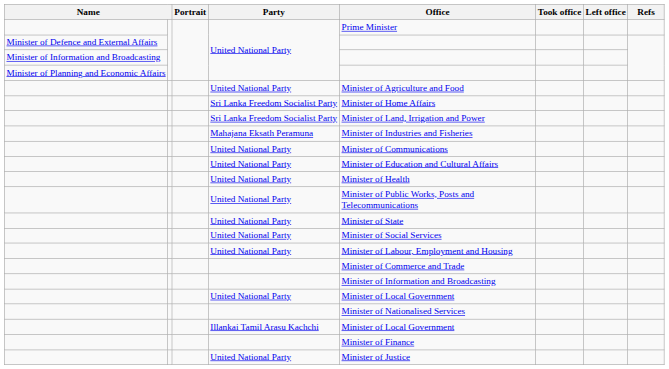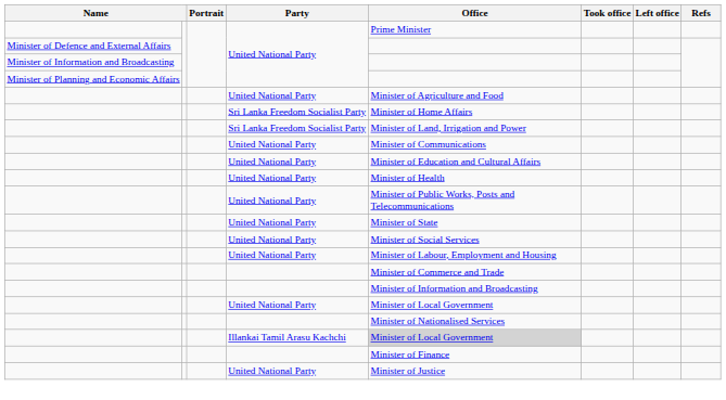 <table class="wikitable plainrowheaders sortable" style="font-size:90%; text-align:left;">
 <tr>
 <th scope=col colspan="2">Name</th>
 <th scope=col class=unsortable>Portrait</th>
 <th scope=col>Party</th>
 <th scope=col width=300px>Office</th>
 <th scope=col>Took office</th>
 <th scope=col>Left office</th>
 <th scope=col width=50px class=unsortable>Refs</th>
 </tr>
 <tr>
 <td !align="center" style="background:"></td>
 <td rowspan=4></td>
 <td align=center rowspan=4></td>
 <td rowspan=4><a href='#'>United National Party</a></td>
 <td><a href='#'>Prime Minister</a></td>
 <td align=center></td>
 <td align=center></td>
 <td align=center></td>
 </tr>
 <tr>
 <td><a href='#'>Minister of Defence and External Affairs</a></td>
 <td></td>
 <td></td>
 <td align=center></td>
 </tr>
 <tr>
 <td><a href='#'>Minister of Information and Broadcasting</a></td>
 <td></td>
 <td></td>
 <td align=center></td>
 </tr>
 <tr>
 <td><a href='#'>Minister of Planning and Economic Affairs</a></td>
 <td></td>
 <td></td>
 <td align=center></td>
 </tr>
 <tr>
 <td !align="center" style="background:"></td>
 <td></td>
 <td align=center></td>
 <td><a href='#'>United National Party</a></td>
 <td><a href='#'>Minister of Agriculture and Food</a></td>
 <td align=center></td>
 <td align=center></td>
 <td align=center></td>
 </tr>
 <tr>
 <td !align="center" style="background:"></td>
 <td></td>
 <td align=center></td>
 <td><a href='#'>Sri Lanka Freedom Socialist Party</a></td>
 <td><a href='#'>Minister of Home Affairs</a></td>
 <td align=center></td>
 <td align=center></td>
 <td align=center></td>
 </tr>
 <tr>
 <td !align="center" style="background:"></td>
 <td></td>
 <td align=center></td>
 <td><a href='#'>Sri Lanka Freedom Socialist Party</a></td>
 <td><a href='#'>Minister of Land, Irrigation and Power</a></td>
-<td align=center></td>
-<td align=center></td>
-<td align=center></td>
-</tr>
-<tr>
-<td !align="center" style="background:"></td>
-<td></td>
-<td align=center></td>
-<td><a href='#'>Mahajana Eksath Peramuna</a></td>
-<td><a href='#'>Minister of Industries and Fisheries</a></td>
 <td align=center></td>
 <td align=center></td>
 <td align=center></td>
 </tr>
 <tr>
 <td !align="center" style="background:"></td>
 <td></td>
 <td align=center></td>
 <td><a href='#'>United National Party</a></td>
 <td><a href='#'>Minister of Communications</a></td>
 <td align=center></td>
 <td align=center></td>
 <td align=center></td>
 </tr>
 <tr>
 <td !align="center" style="background:"></td>
 <td></td>
 <td align=center></td>
 <td><a href='#'>United National Party</a></td>
 <td><a href='#'>Minister of Education and Cultural Affairs</a></td>
 <td align=center></td>
 <td align=center></td>
 <td align=center></td>
 </tr>
 <tr>
 <td !align="center" style="background:"></td>
 <td></td>
 <td align=center></td>
 <td><a href='#'>United National Party</a></td>
 <td><a href='#'>Minister of Health</a></td>
 <td align=center></td>
 <td align=center></td>
 <td align=center></td>
 </tr>
 <tr>
 <td !align="center" style="background:"></td>
 <td></td>
 <td align=center></td>
 <td><a href='#'>United National Party</a></td>
 <td><a href='#'>Minister of Public Works, Posts and Telecommunications</a></td>
 <td align=center></td>
 <td align=center></td>
 <td align=center></td>
 </tr>
 <tr>
 <td !align="center" style="background:"></td>
 <td></td>
 <td align=center></td>
 <td><a href='#'>United National Party</a></td>
 <td><a href='#'>Minister of State</a></td>
 <td align=center></td>
 <td align=center></td>
 <td align=center></td>
 </tr>
 <tr>
 <td !align="center" style="background:"></td>
 <td></td>
 <td align=center></td>
 <td><a href='#'>United National Party</a></td>
 <td><a href='#'>Minister of Social Services</a></td>
 <td align=center></td>
 <td align=center></td>
 <td align=center></td>
 </tr>
 <tr>
 <td !align="center" style="background:"></td>
 <td></td>
 <td align=center></td>
 <td><a href='#'>United National Party</a></td>
 <td><a href='#'>Minister of Labour, Employment and Housing</a></td>
 <td align=center></td>
 <td align=center></td>
 <td align=center></td>
 </tr>
 <tr>
 <td></td>
 <td></td>
 <td align=center></td>
 <td></td>
 <td><a href='#'>Minister of Commerce and Trade</a></td>
 <td align=center></td>
 <td align=center></td>
 <td align=center></td>
 </tr>
 <tr>
 <td !align="centre" style="background:"></td>
 <td></td>
 <td align=center></td>
 <td></td>
 <td><a href='#'>Minister of Information and Broadcasting</a></td>
 <td align=center></td>
 <td align=center></td>
 <td align=center></td>
 </tr>
 <tr>
 <td !align="center" style="background:"></td>
 <td></td>
 <td align=center></td>
 <td><a href='#'>United National Party</a></td>
 <td><a href='#'>Minister of Local Government</a></td>
 <td align=center></td>
 <td align=center></td>
 <td align=center></td>
 </tr>
 <tr>
 <td !align="centre" style="background:"></td>
 <td></td>
 <td align=center></td>
 <td></td>
 <td><a href='#'>Minister of Nationalised Services</a></td>
 <td align=center></td>
 <td align=center></td>
 <td align=center></td>
 </tr>
 <tr>
 <td !align="center" style="background:"></td>
 <td></td>
 <td align=center></td>
 <td><a href='#'>Illankai Tamil Arasu Kachchi</a></td>
-<td><a href='#'>Minister of Local Government</a></td>
+<td style="background: lightgrey;"><a href='#'>Minister of Local Government</a></td>
 <td align=center></td>
 <td align=center></td>
 <td align=center></td>
 </tr>
 <tr>
 <td></td>
 <td></td>
 <td align=center></td>
 <td></td>
 <td><a href='#'>Minister of Finance</a></td>
 <td align=center></td>
 <td align=center></td>
 <td align=center></td>
 </tr>
 <tr>
 <td !align="center" style="background:"></td>
 <td></td>
 <td align=center></td>
 <td><a href='#'>United National Party</a></td>
 <td><a href='#'>Minister of Justice</a></td>
 <td align=center></td>
 <td align=center></td>
 <td align=center></td>
 </tr>
 </table>
